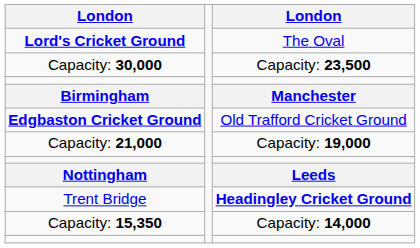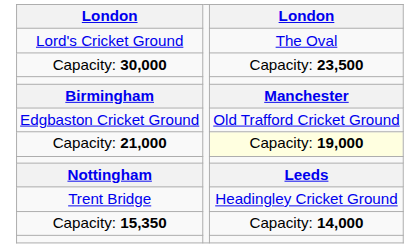 <table class="wikitable" style="text-align:center; margin-left:auto; margin-right:auto;">
 <tr>
 <th><a href='#'>London</a></th>
 <td rowspan=12></td>
 <th><a href='#'>London</a></th>
 </tr>
 <tr>
-<td><strong><a href='#'>Lord's Cricket Ground</a></strong></td>
+<td><a href='#'>Lord's Cricket Ground</a></td>
 <td><a href='#'>The Oval</a></td>
 </tr>
 <tr>
 <td>Capacity: <strong>30,000</strong></td>
 <td>Capacity: <strong>23,500</strong></td>
 </tr>
 <tr>
 <td></td>
 <td></td>
 </tr>
 <tr>
 <th><a href='#'>Birmingham</a></th>
 <th><a href='#'>Manchester</a></th>
 </tr>
 <tr>
-<td><strong><a href='#'>Edgbaston Cricket Ground</a></strong></td>
+<td><a href='#'>Edgbaston Cricket Ground</a></td>
 <td><a href='#'>Old Trafford Cricket Ground</a></td>
 </tr>
 <tr>
 <td>Capacity: <strong>21,000</strong></td>
-<td>Capacity: <strong>19,000</strong></td>
+<td style="background: lightyellow;">Capacity: <strong>19,000</strong></td>
 </tr>
 <tr>
 <td></td>
 <td></td>
 </tr>
 <tr>
 <th><a href='#'>Nottingham</a></th>
 <th><a href='#'>Leeds</a></th>
 </tr>
 <tr>
 <td><a href='#'>Trent Bridge</a></td>
-<td><strong><a href='#'>Headingley Cricket Ground</a></strong></td>
+<td><a href='#'>Headingley Cricket Ground</a></td>
 </tr>
 <tr>
 <td>Capacity: <strong>15,350</strong></td>
 <td>Capacity: <strong>14,000</strong></td>
 </tr>
 <tr>
 <td></td>
 <td></td>
 </tr>
 </table>
